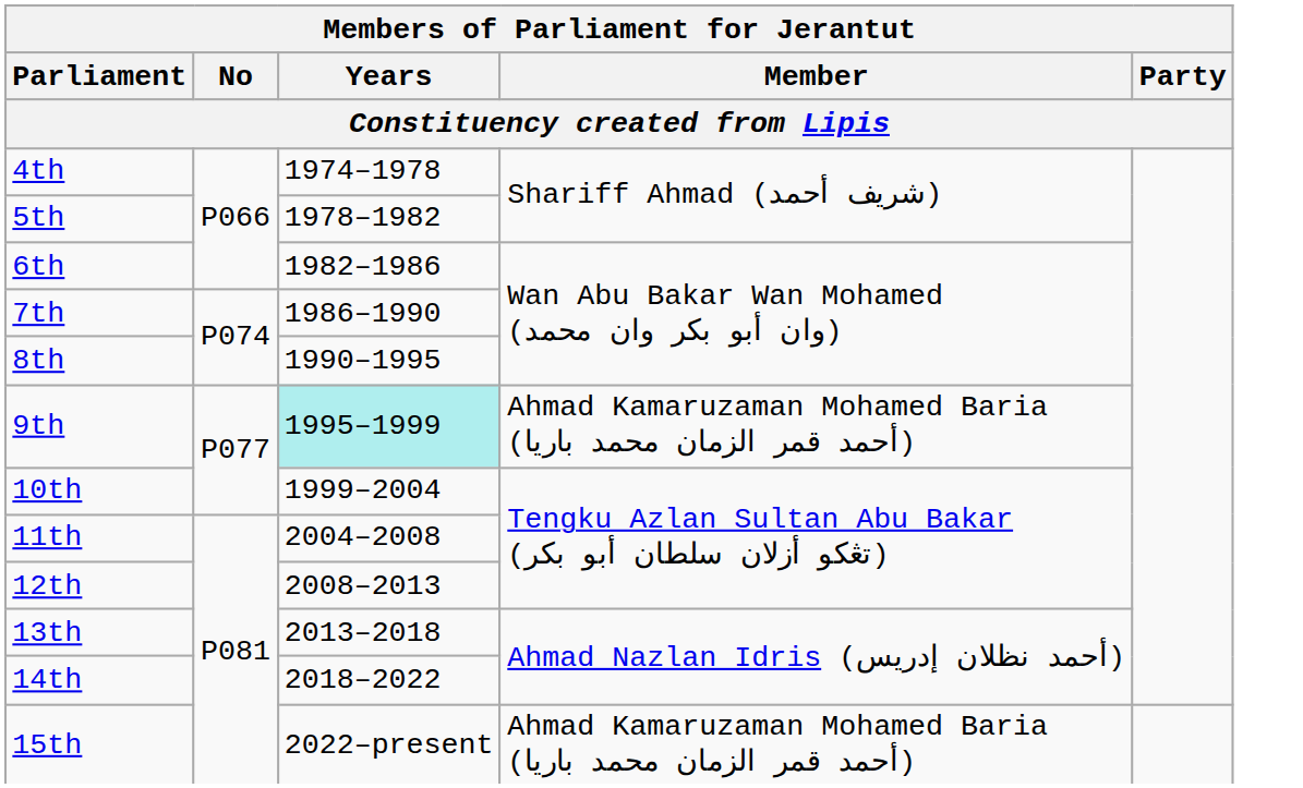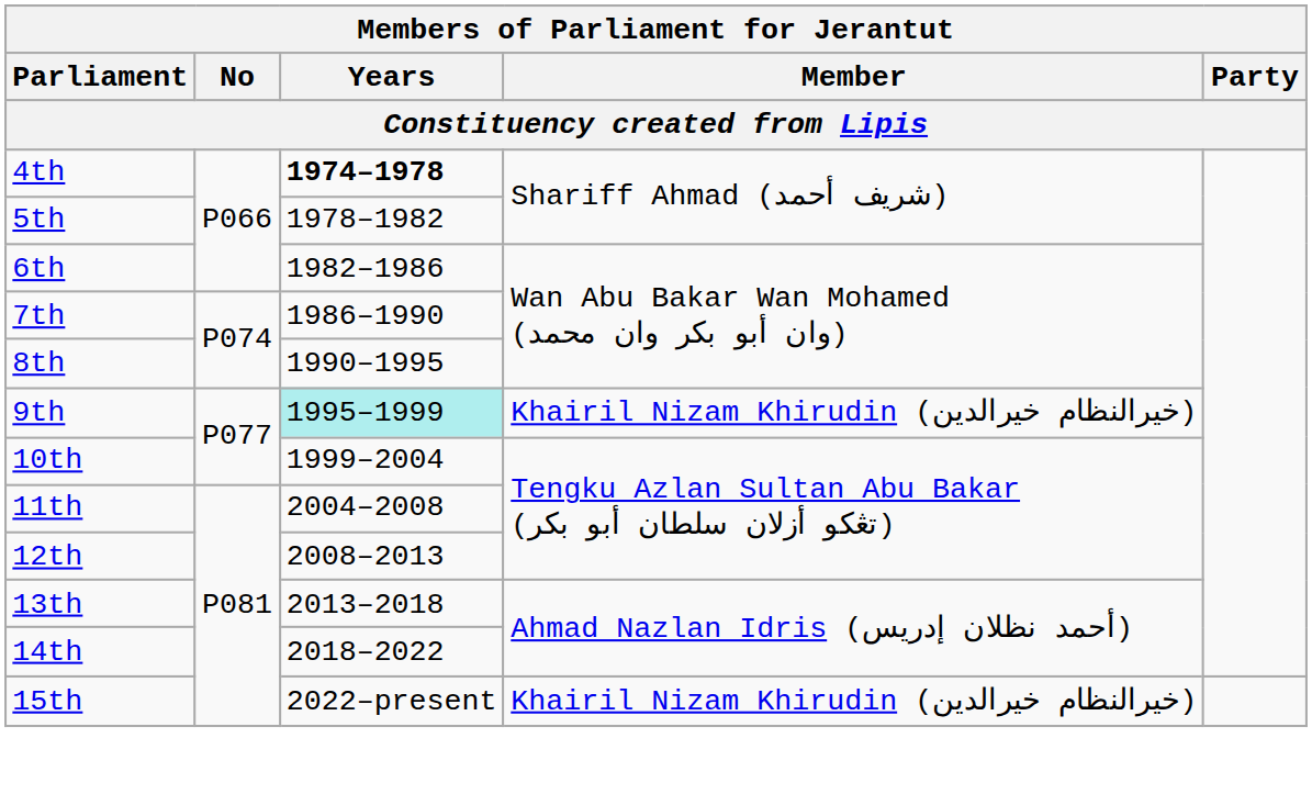 <table class=wikitable>
 <tr>
 <th colspan="5">Members of Parliament for Jerantut</th>
 </tr>
 <tr>
 <th>Parliament</th>
 <th>No</th>
 <th>Years</th>
 <th>Member</th>
 <th>Party</th>
 </tr>
 <tr>
 <th colspan="5" align="center"><em>Constituency created from <a href='#'>Lipis</a></em></th>
 </tr>
 <tr>
 <td><a href='#'>4th</a></td>
 <td rowspan="3">P066</td>
-<td>1974–1978</td>
+<td><strong>1974–1978</strong></td>
 <td rowspan=2>Shariff Ahmad (شريف أحمد)</td>
 <td rowspan="11"></td>
 </tr>
 <tr>
 <td><a href='#'>5th</a></td>
 <td>1978–1982</td>
 </tr>
 <tr>
 <td><a href='#'>6th</a></td>
 <td>1982–1986</td>
 <td rowspan=3>Wan Abu Bakar Wan Mohamed<br>(وان أبو بكر وان محمد)</td>
 </tr>
 <tr>
 <td><a href='#'>7th</a></td>
 <td rowspan="2">P074</td>
 <td>1986–1990</td>
 </tr>
 <tr>
 <td><a href='#'>8th</a></td>
 <td>1990–1995</td>
 </tr>
 <tr>
 <td><a href='#'>9th</a></td>
 <td rowspan="2">P077</td>
 <td style="background: paleturquoise;">1995–1999</td>
-<td>Ahmad Kamaruzaman Mohamed Baria<br>(أحمد قمر الزمان محمد باريا)</td>
+<td><a href='#'>Khairil Nizam Khirudin</a> (خيرالنظام خيرالدين)</td>
 </tr>
 <tr>
 <td><a href='#'>10th</a></td>
 <td>1999–2004</td>
 <td rowspan=3><a href='#'>Tengku Azlan Sultan Abu Bakar</a><br>(تڠكو أزلان سلطان أبو بكر)</td>
 </tr>
 <tr>
 <td><a href='#'>11th</a></td>
 <td rowspan="5">P081</td>
 <td>2004–2008</td>
 </tr>
 <tr>
 <td><a href='#'>12th</a></td>
 <td>2008–2013</td>
 </tr>
 <tr>
 <td><a href='#'>13th</a></td>
 <td>2013–2018</td>
 <td rowspan=2><a href='#'>Ahmad Nazlan Idris</a> (أحمد نظلان إدريس)</td>
 </tr>
 <tr>
 <td><a href='#'>14th</a></td>
 <td>2018–2022</td>
 </tr>
 <tr>
 <td><a href='#'>15th</a></td>
 <td>2022–present</td>
-<td>Ahmad Kamaruzaman Mohamed Baria<br>(أحمد قمر الزمان محمد باريا)</td>
+<td><a href='#'>Khairil Nizam Khirudin</a> (خيرالنظام خيرالدين)</td>
 <td></td>
 </tr>
 </table>
